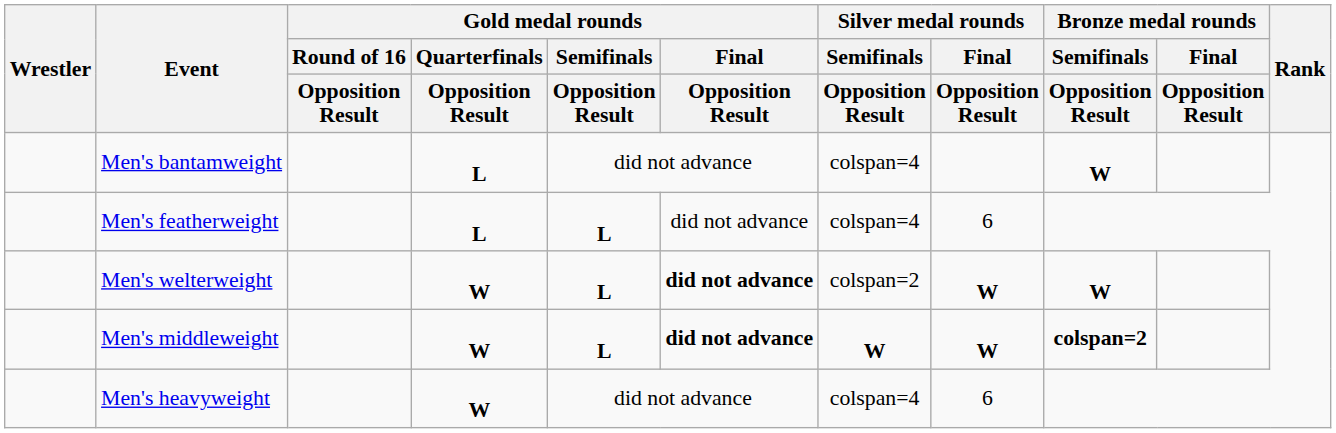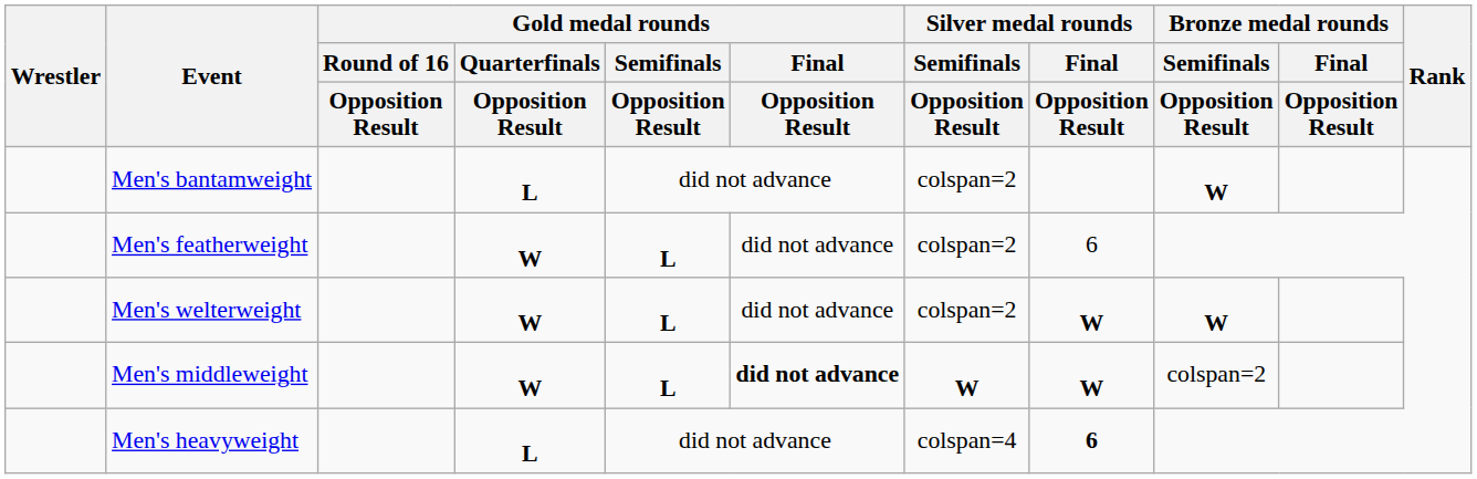 <table class="wikitable sortable" style=text-align:center>
 <tr>
 <th rowspan=3>Wrestler</th>
 <th rowspan=3>Event</th>
 <th colspan=4>Gold medal rounds</th>
 <th colspan=2>Silver medal rounds</th>
 <th colspan=2>Bronze medal rounds</th>
 <th rowspan=3>Rank</th>
 </tr>
 <tr>
 <th>Round of 16</th>
 <th>Quarterfinals</th>
 <th>Semifinals</th>
 <th>Final</th>
 <th>Semifinals</th>
 <th>Final</th>
 <th>Semifinals</th>
 <th>Final</th>
 </tr>
 <tr>
 <th>Opposition<br>Result</th>
 <th>Opposition<br>Result</th>
 <th>Opposition<br>Result</th>
 <th>Opposition<br>Result</th>
 <th>Opposition<br>Result</th>
 <th>Opposition<br>Result</th>
 <th>Opposition<br>Result</th>
 <th>Opposition<br>Result</th>
 </tr>
 <tr>
 <td align=left><strong></strong></td>
 <td align=left><a href='#'>Men's bantamweight</a></td>
 <td></td>
 <td><br><strong>L</strong></td>
 <td colspan=2>did not advance</td>
-<td>colspan=4 </td>
+<td>colspan=2 </td>
 <td></td>
 <td><br><strong>W</strong></td>
 <td></td>
 </tr>
 <tr>
 <td align=left></td>
 <td align=left><a href='#'>Men's featherweight</a></td>
 <td></td>
-<td><br><strong>L</strong></td>
+<td><br><strong>W</strong></td>
 <td><br><strong>L</strong></td>
 <td>did not advance</td>
-<td>colspan=4 </td>
+<td>colspan=2 </td>
 <td>6</td>
 </tr>
 <tr>
 <td align=left><strong></strong></td>
 <td align=left><a href='#'>Men's welterweight</a></td>
 <td></td>
 <td><br><strong>W</strong></td>
 <td><br><strong>L</strong></td>
-<td><strong>did not advance</strong></td>
+<td>did not advance</td>
 <td>colspan=2 </td>
 <td><br><strong>W</strong></td>
 <td><br><strong>W</strong></td>
 <td></td>
 </tr>
 <tr>
 <td align=left><strong></strong></td>
 <td align=left><a href='#'>Men's middleweight</a></td>
 <td></td>
 <td><br><strong>W</strong></td>
 <td><br><strong>L</strong></td>
 <td><strong>did not advance</strong></td>
 <td><br><strong>W</strong></td>
 <td><br><strong>W</strong></td>
-<td><strong>colspan=2 </strong></td>
+<td>colspan=2 </td>
 <td></td>
 </tr>
 <tr>
 <td align=left></td>
 <td align=left><a href='#'>Men's heavyweight</a></td>
 <td></td>
-<td><br><strong>W</strong></td>
+<td><br><strong>L</strong></td>
 <td colspan=2>did not advance</td>
 <td>colspan=4 </td>
-<td>6</td>
+<td><strong>6</strong></td>
 </tr>
 </table>
